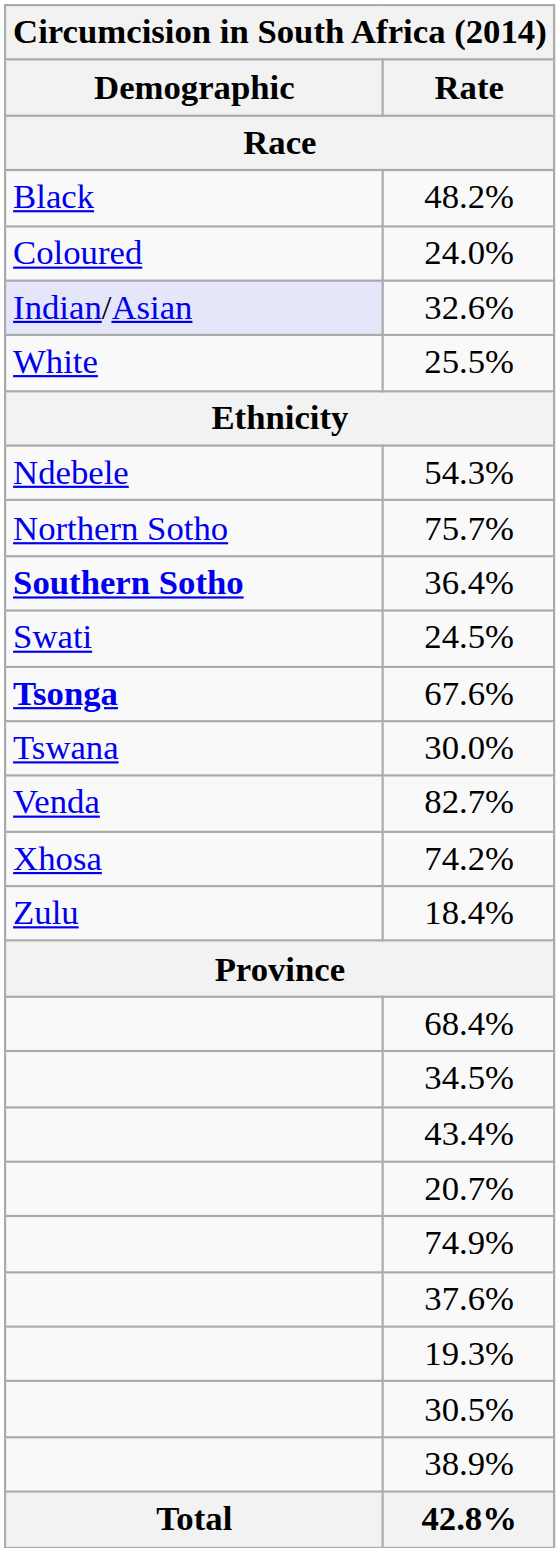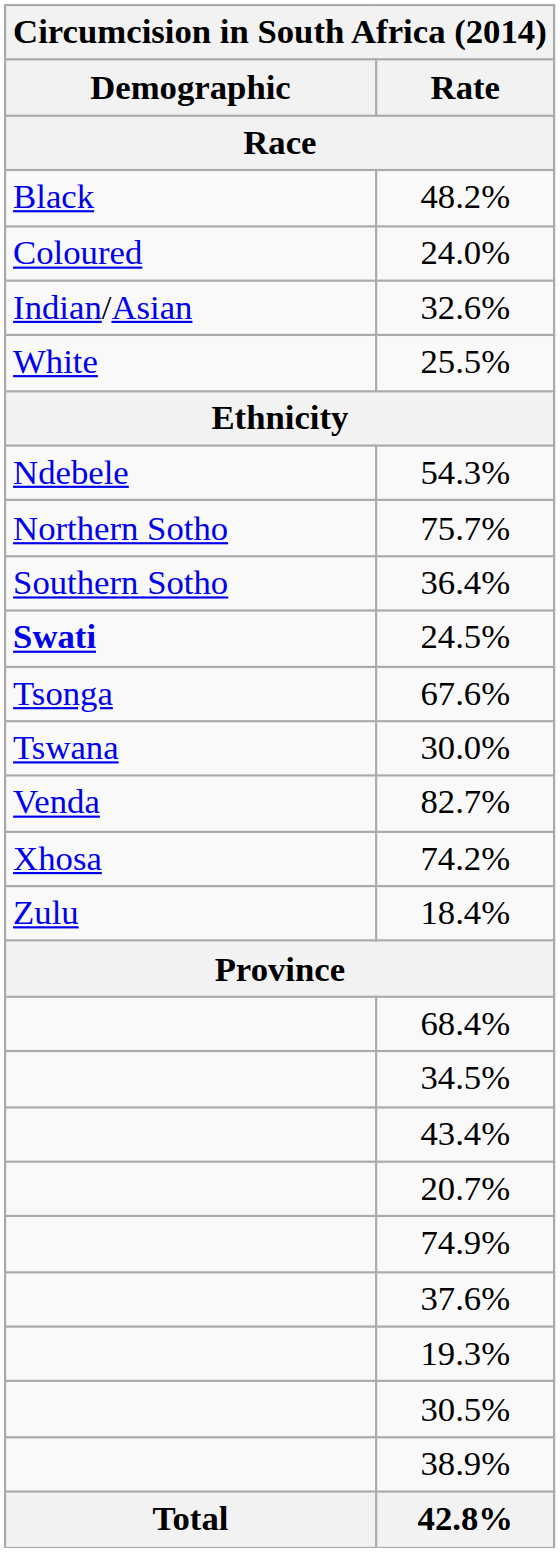 <table class="wikitable sortable">
 <tr>
 <th colspan="2">Circumcision in South Africa (2014)</th>
 </tr>
 <tr>
 <th>Demographic</th>
 <th>Rate</th>
 </tr>
 <tr>
 <th colspan="2">Race</th>
 </tr>
 <tr>
 <td><a href='#'>Black</a></td>
 <td style="text-align:center">48.2%</td>
 </tr>
 <tr>
 <td><a href='#'>Coloured</a></td>
 <td style="text-align:center">24.0%</td>
 </tr>
 <tr>
-<td style="background: lavender;"><a href='#'>Indian</a>/<a href='#'>Asian</a></td>
+<td><a href='#'>Indian</a>/<a href='#'>Asian</a></td>
 <td style="text-align:center">32.6%</td>
 </tr>
 <tr>
 <td><a href='#'>White</a></td>
 <td style="text-align:center">25.5%</td>
 </tr>
 <tr>
 <th colspan="2">Ethnicity</th>
 </tr>
 <tr>
 <td><a href='#'>Ndebele</a></td>
 <td style="text-align:center">54.3%</td>
 </tr>
 <tr>
 <td><a href='#'>Northern Sotho</a></td>
 <td style="text-align:center">75.7%</td>
 </tr>
 <tr>
-<td><strong><a href='#'>Southern Sotho</a></strong></td>
+<td><a href='#'>Southern Sotho</a></td>
 <td style="text-align:center">36.4%</td>
 </tr>
 <tr>
-<td><a href='#'>Swati</a></td>
+<td><strong><a href='#'>Swati</a></strong></td>
 <td style="text-align:center">24.5%</td>
 </tr>
 <tr>
-<td><strong><a href='#'>Tsonga</a></strong></td>
+<td><a href='#'>Tsonga</a></td>
 <td style="text-align:center">67.6%</td>
 </tr>
 <tr>
 <td><a href='#'>Tswana</a></td>
 <td style="text-align:center">30.0%</td>
 </tr>
 <tr>
 <td><a href='#'>Venda</a></td>
 <td style="text-align:center">82.7%</td>
 </tr>
 <tr>
 <td><a href='#'>Xhosa</a></td>
 <td style="text-align:center">74.2%</td>
 </tr>
 <tr>
 <td><a href='#'>Zulu</a></td>
 <td style="text-align:center">18.4%</td>
 </tr>
 <tr>
 <th colspan="2">Province</th>
 </tr>
 <tr>
 <td></td>
 <td style="text-align:center">68.4%</td>
 </tr>
 <tr>
 <td></td>
 <td style="text-align:center">34.5%</td>
 </tr>
 <tr>
 <td></td>
 <td style="text-align:center">43.4%</td>
 </tr>
 <tr>
 <td></td>
 <td style="text-align:center">20.7%</td>
 </tr>
 <tr>
 <td></td>
 <td style="text-align:center">74.9%</td>
 </tr>
 <tr>
 <td></td>
 <td style="text-align:center">37.6%</td>
 </tr>
 <tr>
 <td></td>
 <td style="text-align:center">19.3%</td>
 </tr>
 <tr>
 <td></td>
 <td style="text-align:center">30.5%</td>
 </tr>
 <tr>
 <td></td>
 <td style="text-align:center">38.9%</td>
 </tr>
 <tr>
 <th>Total</th>
 <th>42.8%</th>
 </tr>
 </table>
